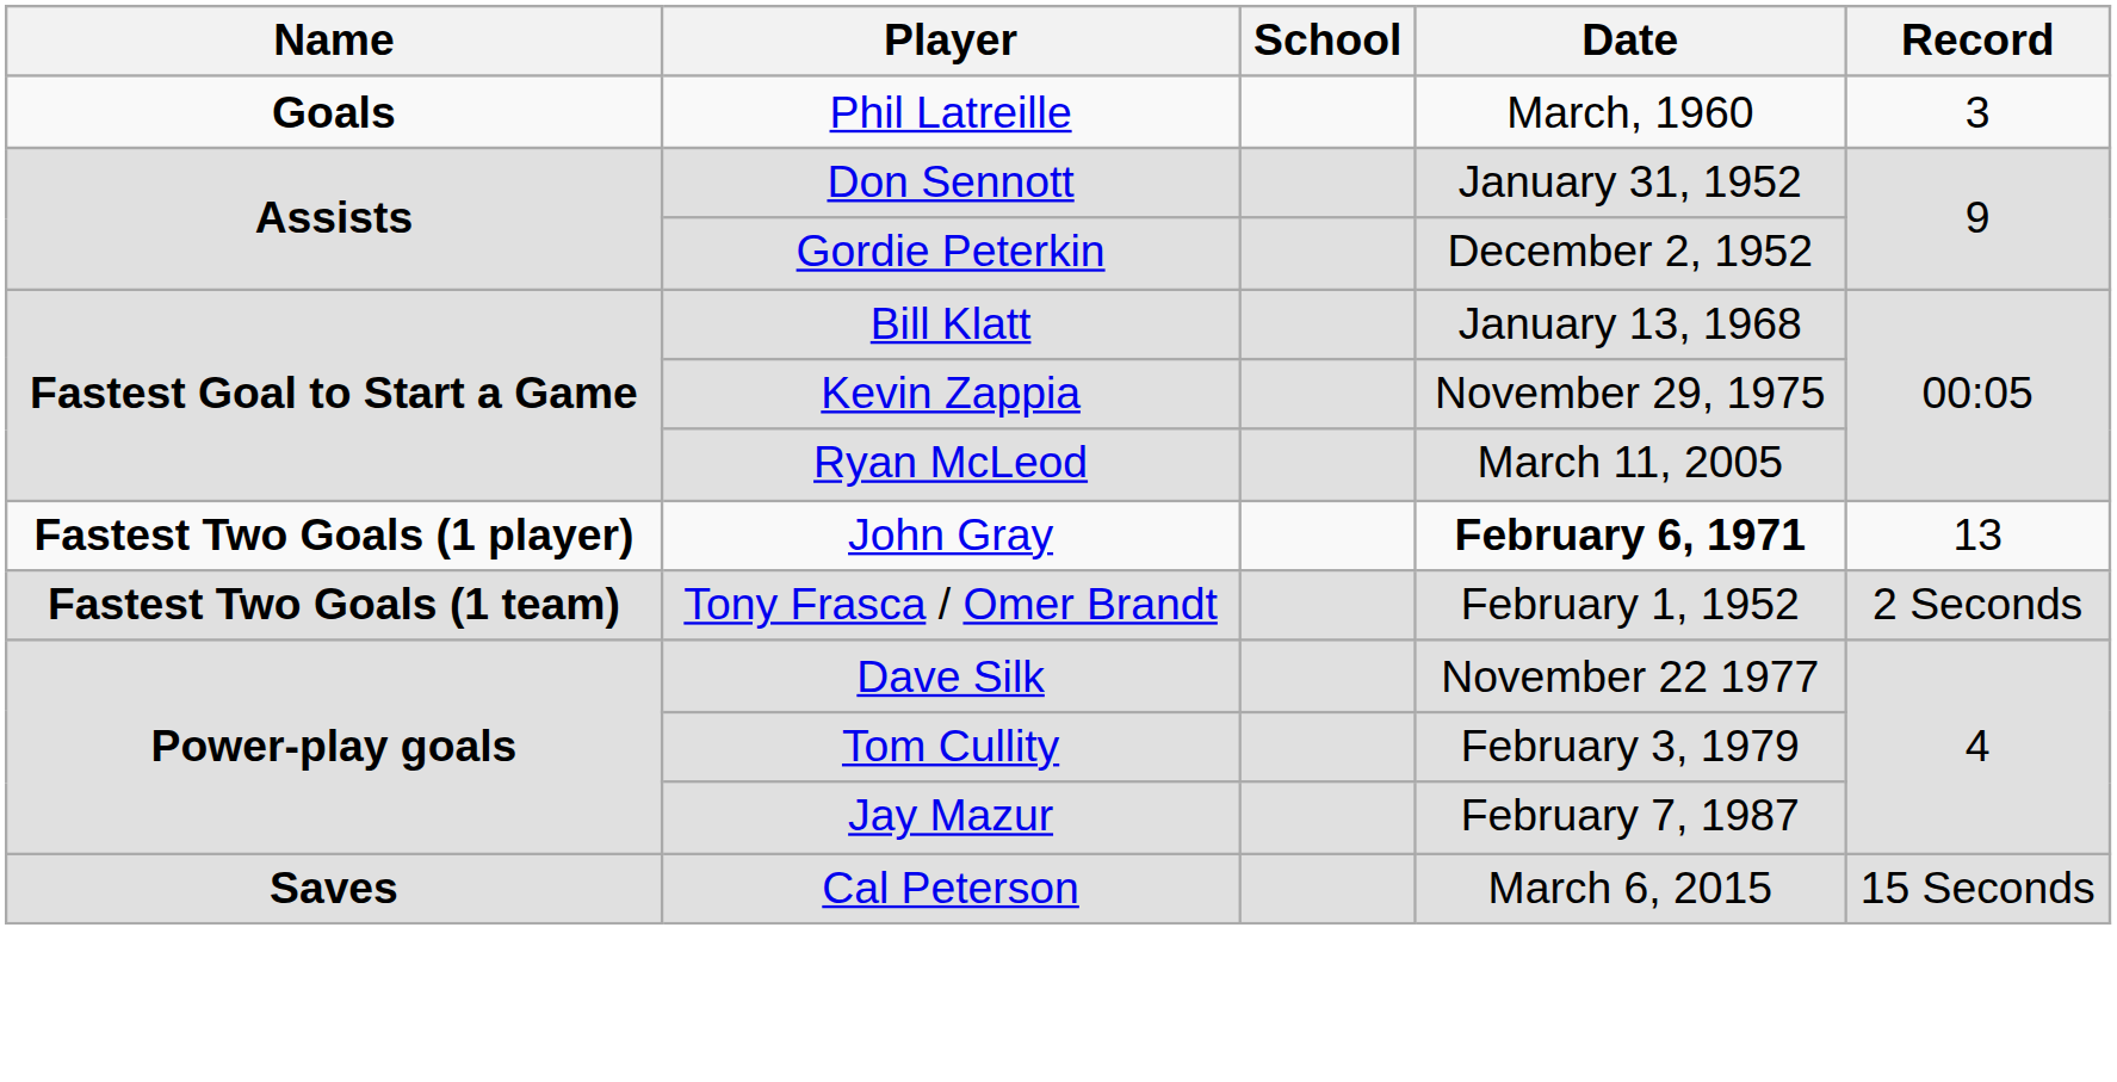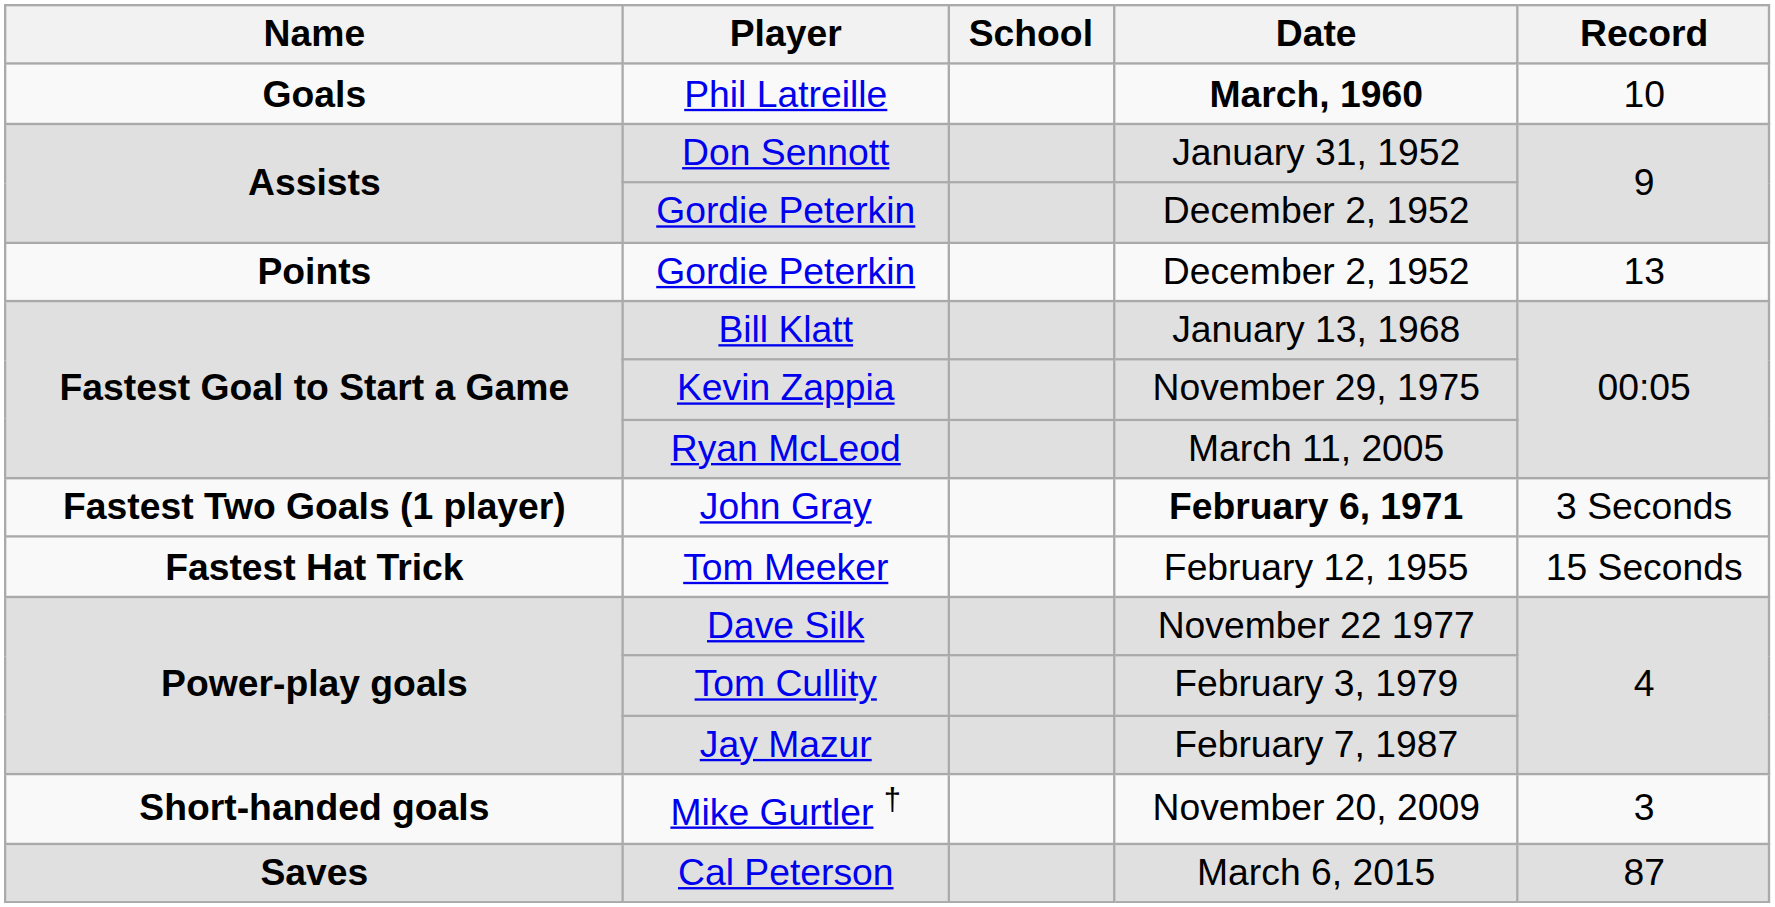 <table class="wikitable" width =60%>
 <tr>
 <th>Name</th>
 <th>Player</th>
 <th>School</th>
 <th>Date</th>
 <th>Record</th>
 </tr>
 <tr align=center>
 <td><strong>Goals</strong></td>
 <td><a href='#'>Phil Latreille</a></td>
 <td><strong><a href='#'></a></strong></td>
-<td>March, 1960</td>
-<td>3</td>
+<td><strong>March, 1960</strong></td>
+<td>10</td>
 </tr>
 <tr align=center bgcolor=e0e0e0>
 <td rowspan=2><strong>Assists</strong></td>
 <td><a href='#'>Don Sennott</a></td>
 <td><strong><a href='#'></a></strong></td>
 <td>January 31, 1952</td>
 <td rowspan=2>9</td>
 </tr>
 <tr align=center bgcolor=e0e0e0>
 <td><a href='#'>Gordie Peterkin</a></td>
 <td><strong><a href='#'></a></strong></td>
 <td>December 2, 1952</td>
+</tr>
+<tr align=center>
+<td><strong>Points</strong></td>
+<td><a href='#'>Gordie Peterkin</a></td>
+<td><strong><a href='#'></a></strong></td>
+<td>December 2, 1952</td>
+<td>13</td>
 </tr>
 <tr align=center bgcolor=e0e0e0>
 <td rowspan=3><strong>Fastest Goal to Start a Game</strong></td>
 <td><a href='#'>Bill Klatt</a></td>
 <td><strong><a href='#'></a></strong></td>
 <td>January 13, 1968</td>
 <td rowspan=3>00:05</td>
 </tr>
 <tr align=center bgcolor=e0e0e0>
 <td><a href='#'>Kevin Zappia</a></td>
 <td><strong><a href='#'></a></strong></td>
 <td>November 29, 1975</td>
 </tr>
 <tr align=center bgcolor=e0e0e0>
 <td><a href='#'>Ryan McLeod</a></td>
 <td><strong><a href='#'></a></strong></td>
 <td>March 11, 2005</td>
 </tr>
 <tr align=center>
 <td><strong>Fastest Two Goals (1 player)</strong></td>
 <td><a href='#'>John Gray</a></td>
 <td><strong><a href='#'></a></strong></td>
 <td><strong>February 6, 1971</strong></td>
-<td>13</td>
+<td>3 Seconds</td>
 </tr>
-<tr align=center bgcolor=e0e0e0>
-<td><strong>Fastest Two Goals (1 team)</strong></td>
-<td><a href='#'>Tony Frasca</a> / <a href='#'>Omer Brandt</a></td>
+<tr align=center>
+<td><strong>Fastest Hat Trick</strong></td>
+<td><a href='#'>Tom Meeker</a></td>
 <td><strong><a href='#'></a></strong></td>
-<td>February 1, 1952</td>
-<td>2 Seconds</td>
+<td>February 12, 1955</td>
+<td>15 Seconds</td>
 </tr>
 <tr align=center bgcolor=e0e0e0>
 <td rowspan=3><strong>Power-play goals</strong></td>
 <td><a href='#'>Dave Silk</a></td>
 <td><strong><a href='#'></a></strong></td>
 <td>November 22 1977</td>
 <td rowspan=3>4</td>
 </tr>
 <tr align=center bgcolor=e0e0e0>
 <td><a href='#'>Tom Cullity</a></td>
 <td><strong><a href='#'></a></strong></td>
 <td>February 3, 1979</td>
 </tr>
 <tr align=center bgcolor=e0e0e0>
 <td><a href='#'>Jay Mazur</a></td>
 <td><strong><a href='#'></a></strong></td>
 <td>February 7, 1987</td>
 </tr>
+<tr align=center>
+<td><strong>Short-handed goals</strong></td>
+<td><a href='#'>Mike Gurtler</a> <sup>†</sup></td>
+<td><strong><a href='#'></a></strong></td>
+<td>November 20, 2009</td>
+<td>3</td>
+</tr>
 <tr align=center bgcolor=e0e0e0>
 <td><strong>Saves</strong></td>
 <td><a href='#'>Cal Peterson</a></td>
 <td><strong><a href='#'></a></strong></td>
 <td>March 6, 2015</td>
-<td>15 Seconds</td>
+<td>87</td>
 </tr>
 </table>
